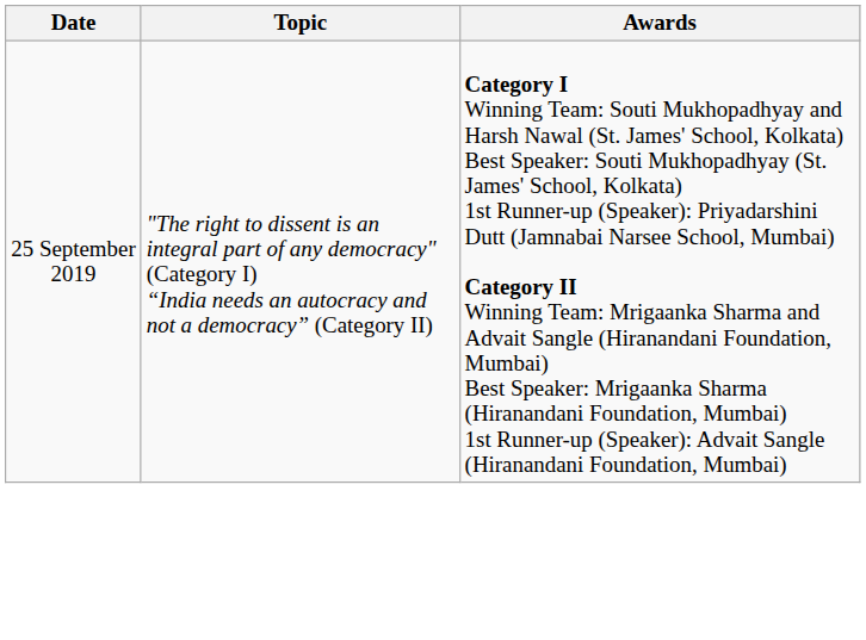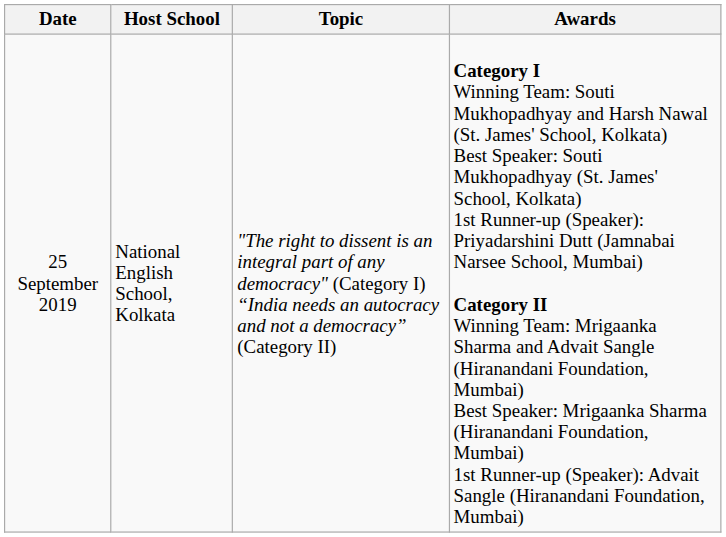 <table class="wikitable">
 <tr>
 <th>Date</th>
+<th>Host School</th>
 <th>Topic</th>
 <th>Awards</th>
 </tr>
 <tr>
 <td align="center">25 September 2019</td>
+<td>National English School, Kolkata</td>
 <td><br><em>"The right to dissent is an integral part of any democracy"</em> (Category I)<br> <em>“India needs an autocracy and not a democracy”</em> (Category II)</td>
 <td><br><strong>Category I</strong><br> Winning Team: Souti Mukhopadhyay and Harsh Nawal (St. James' School, Kolkata)<br> Best Speaker: Souti Mukhopadhyay (St. James' School, Kolkata)<br> 1st Runner-up (Speaker): Priyadarshini Dutt (Jamnabai Narsee School, Mumbai)<br><br> <strong>Category II</strong><br> Winning Team: Mrigaanka Sharma and Advait Sangle (Hiranandani Foundation, Mumbai)<br> Best Speaker: Mrigaanka Sharma (Hiranandani Foundation, Mumbai)<br> 1st Runner-up (Speaker): Advait Sangle (Hiranandani Foundation, Mumbai)</td>
 </tr>
 </table>
